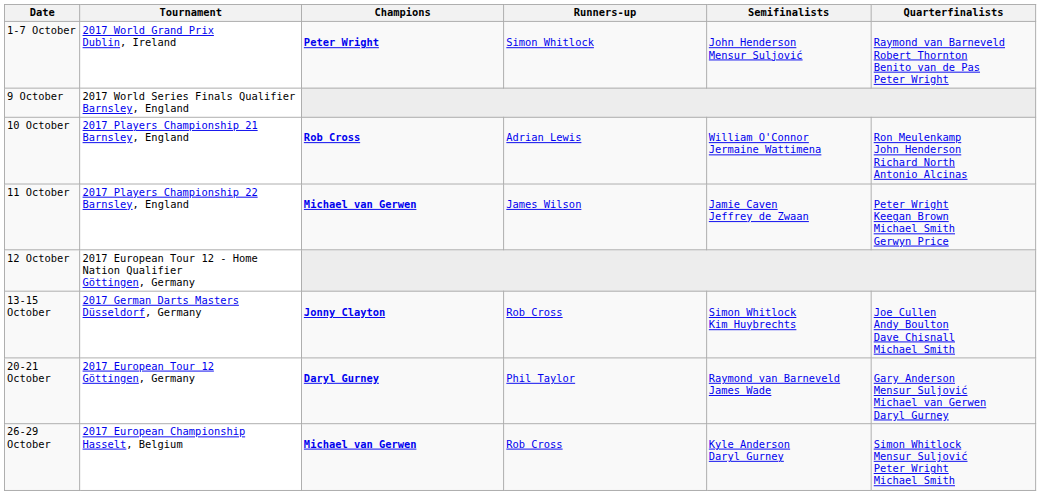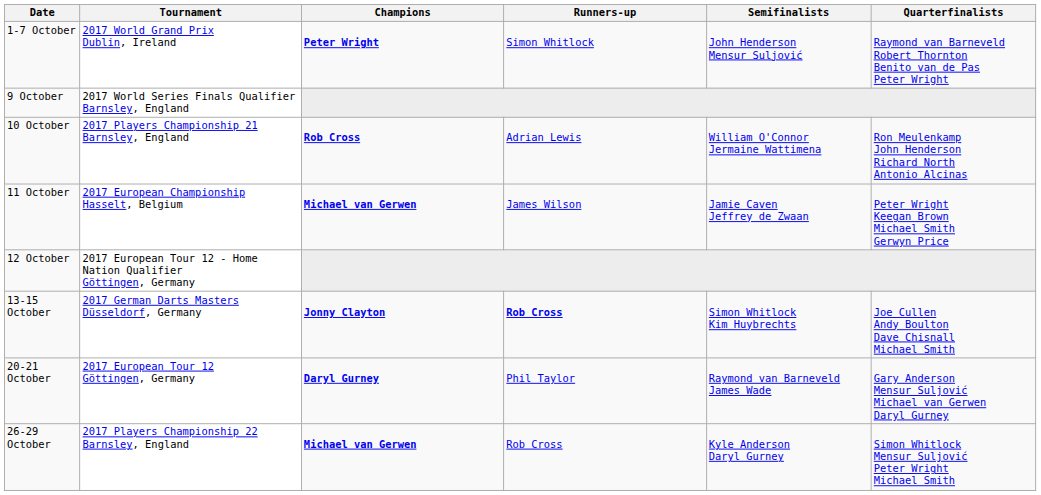 <table class=wikitable style=font-size:85%>
 <tr>
 <th width=75>Date</th>
 <th width=230>Tournament</th>
 <th width=210>Champions</th>
 <th width=210>Runners-up</th>
 <th width=170>Semifinalists</th>
 <th width=170>Quarterfinalists</th>
 </tr>
 <tr valign="top">
 <td>1-7 October</td>
 <td bgcolor="#ffffff"><a href='#'>2017 World Grand Prix</a><br><a href='#'>Dublin</a>, Ireland</td>
 <td><br> <strong><a href='#'>Peter Wright</a></strong></td>
 <td><br> <a href='#'>Simon Whitlock</a></td>
 <td><br> <a href='#'>John Henderson</a> <br>  <a href='#'>Mensur Suljović</a></td>
 <td><br> <a href='#'>Raymond van Barneveld</a> <br>  <a href='#'>Robert Thornton</a> <br>  <a href='#'>Benito van de Pas</a> <br>  <a href='#'>Peter Wright</a></td>
 </tr>
 <tr valign="top">
 <td>9 October</td>
 <td bgcolor="#ffffff">2017 World Series Finals Qualifier <br> <a href='#'>Barnsley</a>, England</td>
 <td colspan=4 bgcolor="#ededed"></td>
 </tr>
 <tr valign="top">
 <td>10 October</td>
 <td bgcolor="#ffffff"><a href='#'>2017 Players Championship 21</a><br><a href='#'>Barnsley</a>, England</td>
 <td><br> <strong><a href='#'>Rob Cross</a></strong></td>
 <td><br> <a href='#'>Adrian Lewis</a></td>
 <td><br> <a href='#'>William O'Connor</a> <br>  <a href='#'>Jermaine Wattimena</a></td>
 <td><br> <a href='#'>Ron Meulenkamp</a> <br>  <a href='#'>John Henderson</a> <br>  <a href='#'>Richard North</a> <br>  <a href='#'>Antonio Alcinas</a></td>
 </tr>
 <tr valign="top">
 <td>11 October</td>
-<td bgcolor="#ffffff"><a href='#'>2017 Players Championship 22</a><br><a href='#'>Barnsley</a>, England</td>
+<td bgcolor="#ffffff"><a href='#'>2017 European Championship</a><br><a href='#'>Hasselt</a>, Belgium</td>
 <td><br> <strong><a href='#'>Michael van Gerwen</a></strong></td>
 <td><br> <a href='#'>James Wilson</a></td>
 <td><br> <a href='#'>Jamie Caven</a> <br>  <a href='#'>Jeffrey de Zwaan</a></td>
 <td><br> <a href='#'>Peter Wright</a> <br>  <a href='#'>Keegan Brown</a> <br>  <a href='#'>Michael Smith</a> <br>  <a href='#'>Gerwyn Price</a></td>
 </tr>
 <tr valign="top">
 <td>12 October</td>
 <td bgcolor="#ffffff">2017 European Tour 12 - Home Nation Qualifier <br> <a href='#'>Göttingen</a>, Germany</td>
 <td colspan=4 bgcolor="#ededed"></td>
 </tr>
 <tr valign="top">
 <td>13-15 October</td>
 <td bgcolor="#ffffff"><a href='#'>2017 German Darts Masters</a><br><a href='#'>Düsseldorf</a>, Germany</td>
 <td><br> <strong><a href='#'>Jonny Clayton</a></strong></td>
-<td><br> <a href='#'>Rob Cross</a></td>
+<td><strong><br> <a href='#'>Rob Cross</a></strong></td>
 <td><br> <a href='#'>Simon Whitlock</a> <br>  <a href='#'>Kim Huybrechts</a></td>
 <td><br> <a href='#'>Joe Cullen</a> <br>  <a href='#'>Andy Boulton</a> <br>  <a href='#'>Dave Chisnall</a> <br>  <a href='#'>Michael Smith</a></td>
 </tr>
 <tr valign="top">
 <td>20-21 October</td>
 <td bgcolor="#ffffff"><a href='#'>2017 European Tour 12</a><br><a href='#'>Göttingen</a>, Germany</td>
 <td><br> <strong><a href='#'>Daryl Gurney</a></strong></td>
 <td><br> <a href='#'>Phil Taylor</a></td>
 <td><br> <a href='#'>Raymond van Barneveld</a> <br>  <a href='#'>James Wade</a></td>
 <td><br> <a href='#'>Gary Anderson</a> <br>  <a href='#'>Mensur Suljović</a> <br>  <a href='#'>Michael van Gerwen</a> <br>  <a href='#'>Daryl Gurney</a></td>
 </tr>
 <tr valign="top">
 <td>26-29 October</td>
-<td bgcolor="#ffffff"><a href='#'>2017 European Championship</a><br><a href='#'>Hasselt</a>, Belgium</td>
+<td bgcolor="#ffffff"><a href='#'>2017 Players Championship 22</a><br><a href='#'>Barnsley</a>, England</td>
 <td><br> <strong><a href='#'>Michael van Gerwen</a></strong></td>
 <td><br> <a href='#'>Rob Cross</a></td>
 <td><br> <a href='#'>Kyle Anderson</a> <br>  <a href='#'>Daryl Gurney</a></td>
 <td><br> <a href='#'>Simon Whitlock</a> <br>  <a href='#'>Mensur Suljović</a> <br>  <a href='#'>Peter Wright</a> <br>  <a href='#'>Michael Smith</a></td>
 </tr>
 </table>
